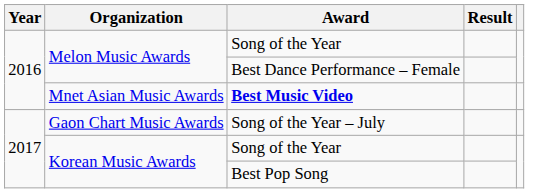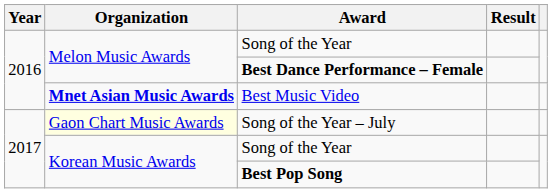 <table class="sortable wikitable">
 <tr>
 <th scope="col">Year</th>
 <th scope="col">Organization</th>
 <th scope="col">Award</th>
 <th scope="col">Result</th>
 <th class="unsortable"></th>
 </tr>
 <tr>
 <td rowspan="3">2016</td>
 <td rowspan="2"><a href='#'>Melon Music Awards</a></td>
 <td>Song of the Year</td>
 <td></td>
 <td rowspan="2" align="center"></td>
 </tr>
 <tr>
-<td>Best Dance Performance – Female</td>
+<td><strong>Best Dance Performance – Female</strong></td>
 <td></td>
 </tr>
 <tr>
-<td><a href='#'>Mnet Asian Music Awards</a></td>
-<td><strong><a href='#'>Best Music Video</a></strong></td>
+<td><strong><a href='#'>Mnet Asian Music Awards</a></strong></td>
+<td><a href='#'>Best Music Video</a></td>
 <td></td>
 <td align="center"></td>
 </tr>
 <tr>
 <td rowspan="3">2017</td>
-<td><a href='#'>Gaon Chart Music Awards</a></td>
+<td style="background: lightyellow;"><a href='#'>Gaon Chart Music Awards</a></td>
 <td>Song of the Year – July</td>
 <td></td>
 <td align="center"></td>
 </tr>
 <tr>
 <td rowspan="2"><a href='#'>Korean Music Awards</a></td>
 <td>Song of the Year</td>
 <td></td>
 <td rowspan="2" align="center"></td>
 </tr>
 <tr>
-<td>Best Pop Song</td>
+<td><strong>Best Pop Song</strong></td>
 <td></td>
 </tr>
 </table>
